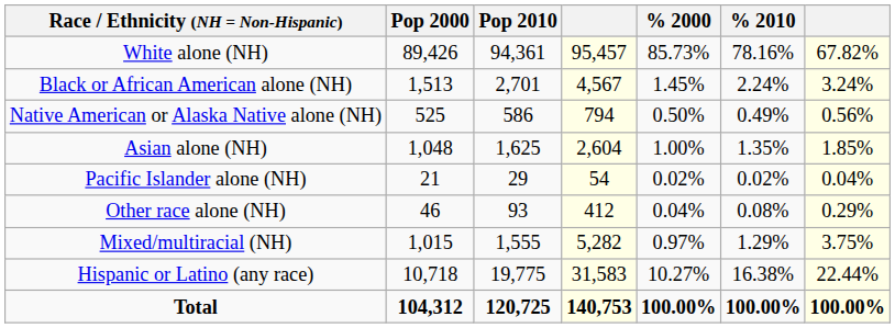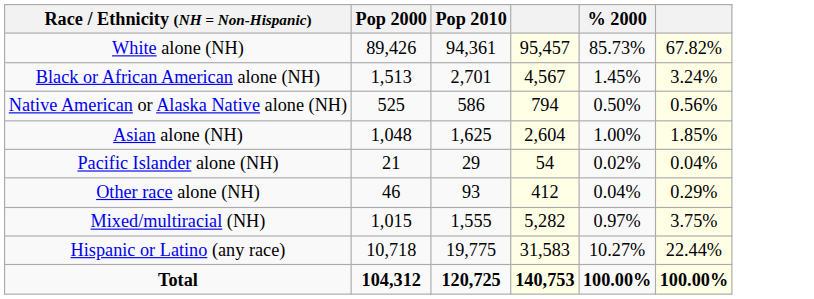 <table class="wikitable" style="text-align:center;">
 <tr>
 <th>Race / Ethnicity <small>(<em>NH = Non-Hispanic</em>)</small></th>
 <th>Pop 2000</th>
 <th>Pop 2010</th>
 <th></th>
 <th>% 2000</th>
-<th>% 2010</th>
 <th></th>
 </tr>
 <tr>
 <td><a href='#'>White</a> alone (NH)</td>
 <td>89,426</td>
 <td>94,361</td>
 <td style='background: #ffffe6;'>95,457</td>
 <td>85.73%</td>
-<td>78.16%</td>
 <td style='background: #ffffe6;'>67.82%</td>
 </tr>
 <tr>
 <td><a href='#'>Black or African American</a> alone (NH)</td>
 <td>1,513</td>
 <td>2,701</td>
 <td style='background: #ffffe6;'>4,567</td>
 <td>1.45%</td>
-<td>2.24%</td>
 <td style='background: #ffffe6;'>3.24%</td>
 </tr>
 <tr>
 <td><a href='#'>Native American</a> or <a href='#'>Alaska Native</a> alone (NH)</td>
 <td>525</td>
 <td>586</td>
 <td style='background: #ffffe6;'>794</td>
 <td>0.50%</td>
-<td>0.49%</td>
 <td style='background: #ffffe6;'>0.56%</td>
 </tr>
 <tr>
 <td><a href='#'>Asian</a> alone (NH)</td>
 <td>1,048</td>
 <td>1,625</td>
 <td style='background: #ffffe6;'>2,604</td>
 <td>1.00%</td>
-<td>1.35%</td>
 <td style='background: #ffffe6;'>1.85%</td>
 </tr>
 <tr>
 <td><a href='#'>Pacific Islander</a> alone (NH)</td>
 <td>21</td>
 <td>29</td>
 <td style='background: #ffffe6;'>54</td>
-<td>0.02%</td>
 <td>0.02%</td>
 <td style='background: #ffffe6;'>0.04%</td>
 </tr>
 <tr>
 <td><a href='#'>Other race</a> alone (NH)</td>
 <td>46</td>
 <td>93</td>
 <td style='background: #ffffe6;'>412</td>
 <td>0.04%</td>
-<td>0.08%</td>
 <td style='background: #ffffe6;'>0.29%</td>
 </tr>
 <tr>
 <td><a href='#'>Mixed/multiracial</a> (NH)</td>
 <td>1,015</td>
 <td>1,555</td>
 <td style='background: #ffffe6;'>5,282</td>
 <td>0.97%</td>
-<td>1.29%</td>
 <td style='background: #ffffe6;'>3.75%</td>
 </tr>
 <tr>
 <td><a href='#'>Hispanic or Latino</a> (any race)</td>
 <td>10,718</td>
 <td>19,775</td>
 <td style='background: #ffffe6;'>31,583</td>
 <td>10.27%</td>
-<td>16.38%</td>
 <td style='background: #ffffe6;'>22.44%</td>
 </tr>
 <tr>
 <td><strong>Total</strong></td>
 <td><strong>104,312</strong></td>
 <td><strong>120,725</strong></td>
 <td style='background: #ffffe6;'><strong>140,753</strong></td>
 <td><strong>100.00%</strong></td>
-<td><strong>100.00%</strong></td>
 <td style='background: #ffffe6;'><strong>100.00%</strong></td>
 </tr>
 </table>
